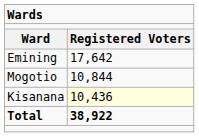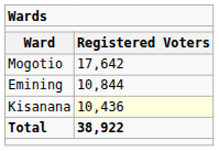 <table class="wikitable">
 <tr>
 <td colspan="2"><strong>Wards</strong></td>
 </tr>
 <tr>
 <td colspan="2"></td>
 </tr>
 <tr>
 <th>Ward</th>
 <th>Registered Voters</th>
 </tr>
 <tr>
-<td>Emining</td>
+<td>Mogotio</td>
 <td>17,642</td>
 </tr>
 <tr>
-<td>Mogotio</td>
+<td>Emining</td>
 <td>10,844</td>
 </tr>
 <tr>
 <td>Kisanana</td>
 <td style="background: lightyellow;">10,436</td>
 </tr>
 <tr>
 <td><strong>Total</strong></td>
 <td><strong>38,922</strong></td>
 </tr>
 <tr>
 <td colspan="2"></td>
 </tr>
 </table>
